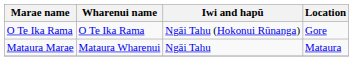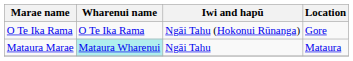 <table class="wikitable sortable">
 <tr>
 <th>Marae name</th>
 <th>Wharenui name</th>
 <th>Iwi and hapū</th>
 <th>Location</th>
 </tr>
 <tr>
 <td><a href='#'>O Te Ika Rama</a></td>
 <td><a href='#'>O Te Ika Rama</a></td>
 <td><a href='#'>Ngāi Tahu</a> (<a href='#'>Hokonui Rūnanga</a>)</td>
 <td><a href='#'>Gore</a></td>
 </tr>
 <tr>
 <td><a href='#'>Mataura Marae</a></td>
-<td><a href='#'>Mataura Wharenui</a></td>
+<td style="background: paleturquoise;"><a href='#'>Mataura Wharenui</a></td>
 <td><a href='#'>Ngāi Tahu</a></td>
 <td><a href='#'>Mataura</a></td>
 </tr>
 <tr>
 </tr>
 </table>
